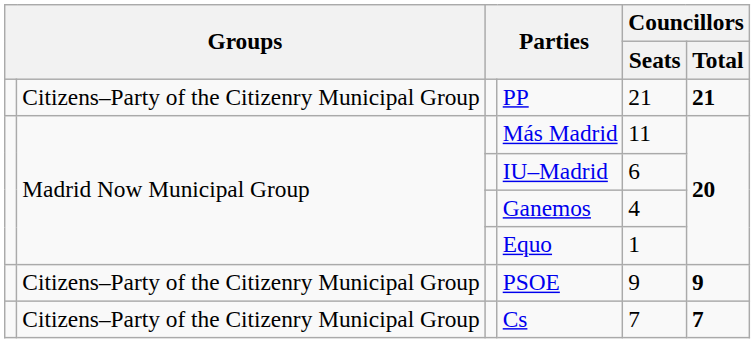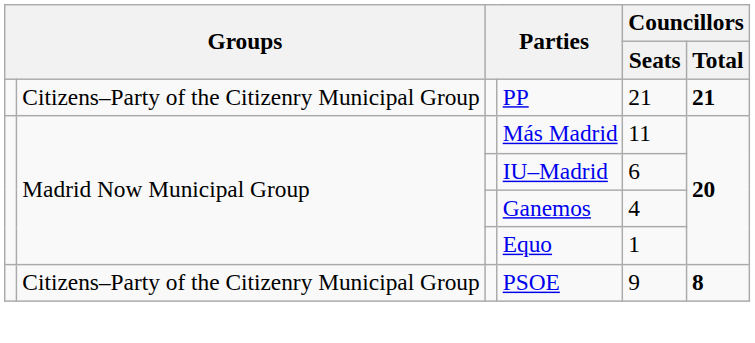 <table class="wikitable" style="text-align:left;">
 <tr>
 <th rowspan="2" colspan="2">Groups</th>
 <th rowspan="2" colspan="2">Parties</th>
 <th colspan="2">Councillors</th>
 </tr>
 <tr>
 <th>Seats</th>
 <th>Total</th>
 </tr>
 <tr>
 <td width="1" style="color:inherit;background:"></td>
 <td>Citizens–Party of the Citizenry Municipal Group</td>
 <td width="1" style="color:inherit;background:"></td>
 <td><a href='#'>PP</a></td>
 <td>21</td>
 <td><strong>21</strong></td>
 </tr>
 <tr>
 <td rowspan="4" style="color:inherit;background:"></td>
 <td rowspan="4">Madrid Now Municipal Group</td>
 <td style="color:inherit;background:"></td>
 <td><a href='#'>Más Madrid</a></td>
 <td>11</td>
 <td rowspan="4"><strong>20</strong></td>
 </tr>
 <tr>
 <td style="color:inherit;background:"></td>
 <td><a href='#'>IU–Madrid</a></td>
 <td>6</td>
 </tr>
 <tr>
 <td style="color:inherit;background:"></td>
 <td><a href='#'>Ganemos</a></td>
 <td>4</td>
 </tr>
 <tr>
 <td style="color:inherit;background:"></td>
 <td><a href='#'>Equo</a></td>
 <td>1</td>
 </tr>
 <tr>
 <td style="color:inherit;background:"></td>
 <td>Citizens–Party of the Citizenry Municipal Group</td>
 <td style="color:inherit;background:"></td>
 <td><a href='#'>PSOE</a></td>
 <td>9</td>
-<td><strong>9</strong></td>
-</tr>
-<tr>
-<td style="color:inherit;background:"></td>
-<td>Citizens–Party of the Citizenry Municipal Group</td>
-<td style="color:inherit;background:"></td>
-<td><a href='#'>Cs</a></td>
-<td>7</td>
-<td><strong>7</strong></td>
+<td><strong>8</strong></td>
 </tr>
 </table>
